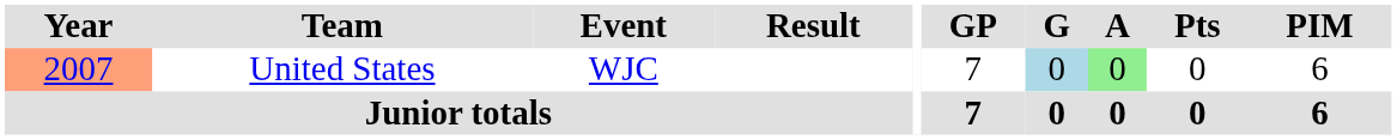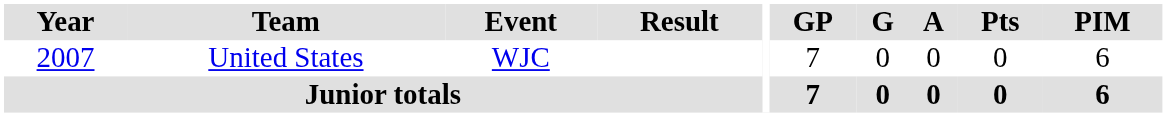 <table border="0" cellpadding="1" cellspacing="0" ID="Table3" style="text-align:center; width:40em">
 <tr ALIGN="center" bgcolor="#e0e0e0">
 <th>Year</th>
 <th>Team</th>
 <th>Event</th>
 <th>Result</th>
 <th rowspan="99" bgcolor="#ffffff"></th>
 <th>GP</th>
 <th>G</th>
 <th>A</th>
 <th>Pts</th>
 <th>PIM</th>
 </tr>
 <tr>
-<td style="background: lightsalmon;"><a href='#'>2007</a></td>
+<td><a href='#'>2007</a></td>
 <td><a href='#'>United States</a></td>
 <td><a href='#'>WJC</a></td>
 <td></td>
 <td>7</td>
-<td style="background: lightblue;">0</td>
-<td style="background: lightgreen;">0</td>
+<td>0</td>
+<td>0</td>
 <td>0</td>
 <td>6</td>
 </tr>
 <tr bgcolor="#e0e0e0">
 <th colspan=4>Junior totals</th>
 <th>7</th>
 <th>0</th>
 <th>0</th>
 <th>0</th>
 <th>6</th>
 </tr>
 </table>
